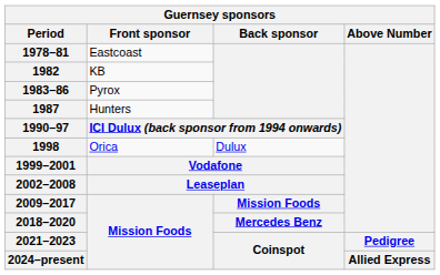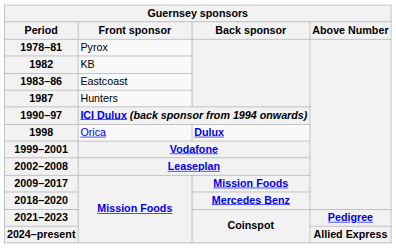 <table class="wikitable mw-collapsible" align="right">
 <tr>
 <th colspan="4">Guernsey sponsors</th>
 </tr>
 <tr>
 <th>Period</th>
 <th>Front sponsor</th>
 <th>Back sponsor</th>
 <th>Above Number</th>
 </tr>
 <tr>
 <th>1978–81</th>
-<td>Eastcoast</td>
+<td>Pyrox</td>
 <th rowspan="4"></th>
 <th rowspan="10"></th>
 </tr>
 <tr>
 <th>1982</th>
 <td>KB</td>
 </tr>
 <tr>
 <th>1983–86</th>
-<td>Pyrox</td>
+<td>Eastcoast</td>
 </tr>
 <tr>
 <th>1987</th>
 <td>Hunters</td>
 </tr>
 <tr>
 <th>1990–97</th>
 <th colspan="2"><a href='#'>ICI Dulux</a> <em>(back sponsor from 1994 onwards)</em></th>
 </tr>
 <tr>
 <th>1998</th>
 <td><a href='#'>Orica</a></td>
-<td><a href='#'>Dulux</a></td>
+<td><strong><a href='#'>Dulux</a></strong></td>
 </tr>
 <tr>
 <th>1999–2001</th>
 <th colspan="2"><a href='#'>Vodafone</a></th>
 </tr>
 <tr>
 <th>2002–2008</th>
 <th colspan="2"><a href='#'>Leaseplan</a></th>
 </tr>
 <tr>
 <th>2009–2017</th>
 <th rowspan="4"><a href='#'>Mission Foods</a></th>
 <th><a href='#'>Mission Foods</a></th>
 </tr>
 <tr>
 <th>2018–2020</th>
 <th><a href='#'>Mercedes Benz</a></th>
 </tr>
 <tr>
 <th>2021–2023</th>
 <th rowspan="2">Coinspot</th>
 <th><a href='#'>Pedigree</a></th>
 </tr>
 <tr>
 <th>2024–present</th>
 <th>Allied Express </th>
 </tr>
 </table>
